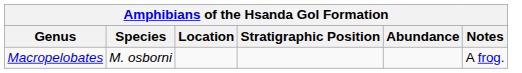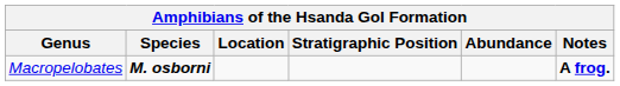 <table class="wikitable">
 <tr>
 <th colspan="7" align="center"><strong><a href='#'>Amphibians</a> of the Hsanda Gol Formation</strong></th>
 </tr>
 <tr>
 <th>Genus</th>
 <th>Species</th>
 <th>Location</th>
 <th>Stratigraphic Position</th>
 <th>Abundance</th>
 <th>Notes</th>
 </tr>
 <tr>
 <td><em><a href='#'>Macropelobates</a></em></td>
-<td><em>M. osborni</em></td>
+<td><strong><em>M. osborni</em></strong></td>
 <td></td>
 <td></td>
 <td></td>
-<td>A <a href='#'>frog</a>.</td>
+<td><strong>A <a href='#'>frog</a>.</strong></td>
 </tr>
 </table>
